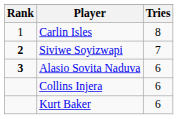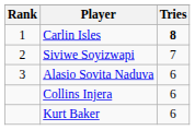 <table class="wikitable sortable">
 <tr>
 </tr>
 <tr>
 <th>Rank</th>
 <th>Player</th>
 <th>Tries</th>
 </tr>
 <tr>
 <td align=center>1</td>
 <td> <a href='#'>Carlin Isles</a></td>
-<td align=center>8</td>
+<td align=center><strong>8</strong></td>
 </tr>
 <tr>
-<td align=center><strong>2</strong></td>
+<td align=center>2</td>
 <td> <a href='#'>Siviwe Soyizwapi</a></td>
 <td align=center>7</td>
 </tr>
 <tr>
-<td align=center><strong>3</strong></td>
+<td align=center>3</td>
 <td> <a href='#'>Alasio Sovita Naduva</a></td>
 <td align=center>6</td>
 </tr>
 <tr>
 <td align=center></td>
 <td> <a href='#'>Collins Injera</a></td>
 <td align=center>6</td>
 </tr>
 <tr>
 <td align=center></td>
 <td> <a href='#'>Kurt Baker</a></td>
 <td align=center>6</td>
 </tr>
 </table>
